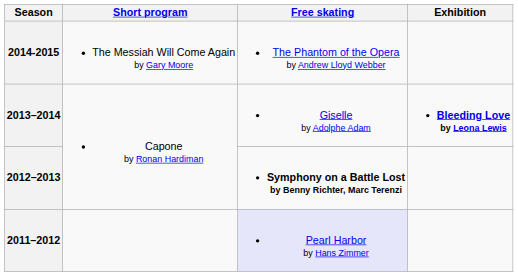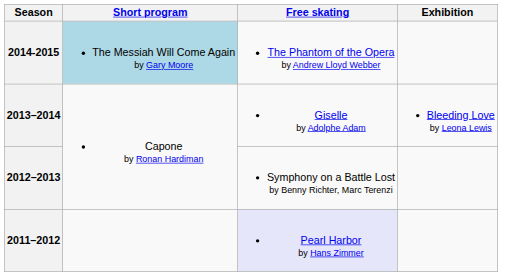 <table class="wikitable" style="text-align:center">
 <tr>
 <th>Season</th>
 <th><a href='#'>Short program</a></th>
 <th><a href='#'>Free skating</a></th>
 <th>Exhibition</th>
 </tr>
 <tr>
 <th>2014-2015 <br> </th>
-<td><br><ul><li>The Messiah Will Come Again <br><small> by <a href='#'>Gary Moore</a></small></li></ul></td>
+<td style="background: lightblue;"><br><ul><li>The Messiah Will Come Again <br><small> by <a href='#'>Gary Moore</a></small></li></ul></td>
 <td><br><ul><li><a href='#'>The Phantom of the Opera</a> <br><small> by <a href='#'>Andrew Lloyd Webber</a></small></li></ul></td>
 <td></td>
 </tr>
 <tr>
 <th>2013–2014 <br> </th>
 <td rowspan=2><br><ul><li>Capone <br><small> by <a href='#'>Ronan Hardiman</a> </small></li></ul></td>
 <td><br><ul><li><a href='#'>Giselle</a> <br><small> by <a href='#'>Adolphe Adam</a> </small></li></ul></td>
-<td><strong><br><ul><li><a href='#'>Bleeding Love</a> <br><small> by <a href='#'>Leona Lewis</a> </small></li></ul></strong></td>
+<td><br><ul><li><a href='#'>Bleeding Love</a> <br><small> by <a href='#'>Leona Lewis</a> </small></li></ul></td>
 </tr>
 <tr>
 <th>2012–2013 <br> </th>
-<td><strong><br><ul><li>Symphony on a Battle Lost <br><small> by Benny Richter, Marc Terenzi </small></li></ul></strong></td>
+<td><br><ul><li>Symphony on a Battle Lost <br><small> by Benny Richter, Marc Terenzi </small></li></ul></td>
 <td></td>
 </tr>
 <tr>
 <th>2011–2012</th>
 <td></td>
 <td style="background: lavender;"><br><ul><li><a href='#'>Pearl Harbor</a> <br><small> by <a href='#'>Hans Zimmer</a> </small></li></ul></td>
 <td></td>
 </tr>
 </table>
